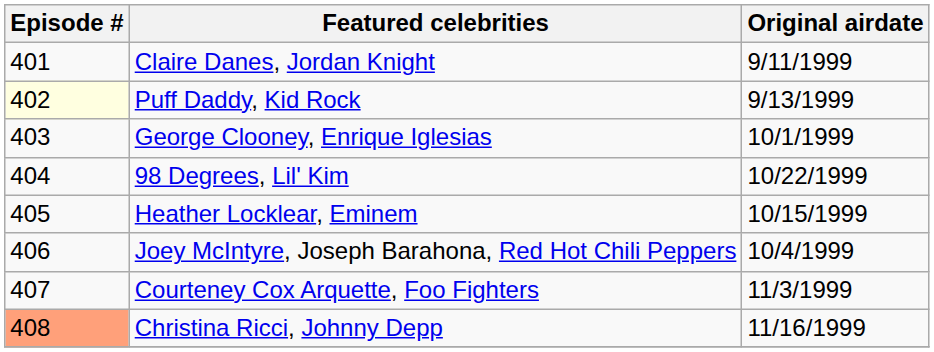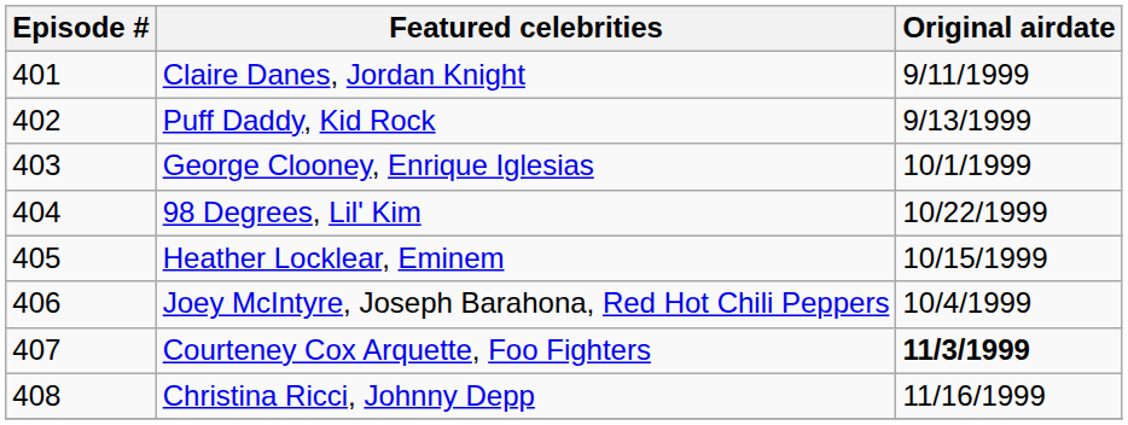 <table class="wikitable">
 <tr>
 <th>Episode #</th>
 <th>Featured celebrities</th>
 <th>Original airdate</th>
 </tr>
 <tr>
 <td>401</td>
 <td><a href='#'>Claire Danes</a>, <a href='#'>Jordan Knight</a></td>
 <td>9/11/1999</td>
 </tr>
 <tr>
-<td style="background: lightyellow;">402</td>
+<td>402</td>
 <td><a href='#'>Puff Daddy</a>, <a href='#'>Kid Rock</a></td>
 <td>9/13/1999</td>
 </tr>
 <tr>
 <td>403</td>
 <td><a href='#'>George Clooney</a>, <a href='#'>Enrique Iglesias</a></td>
 <td>10/1/1999</td>
 </tr>
 <tr>
 <td>404</td>
 <td><a href='#'>98 Degrees</a>, <a href='#'>Lil' Kim</a></td>
 <td>10/22/1999</td>
 </tr>
 <tr>
 <td>405</td>
 <td><a href='#'>Heather Locklear</a>, <a href='#'>Eminem</a></td>
 <td>10/15/1999</td>
 </tr>
 <tr>
 <td>406</td>
 <td><a href='#'>Joey McIntyre</a>, Joseph Barahona, <a href='#'>Red Hot Chili Peppers</a></td>
 <td>10/4/1999</td>
 </tr>
 <tr>
 <td>407</td>
 <td><a href='#'>Courteney Cox Arquette</a>, <a href='#'>Foo Fighters</a></td>
-<td>11/3/1999</td>
+<td><strong>11/3/1999</strong></td>
 </tr>
 <tr>
-<td style="background: lightsalmon;">408</td>
+<td>408</td>
 <td><a href='#'>Christina Ricci</a>, <a href='#'>Johnny Depp</a></td>
 <td>11/16/1999</td>
 </tr>
 <tr>
 </tr>
 </table>
